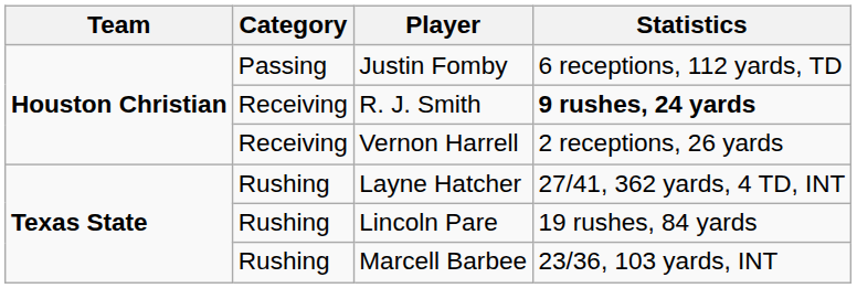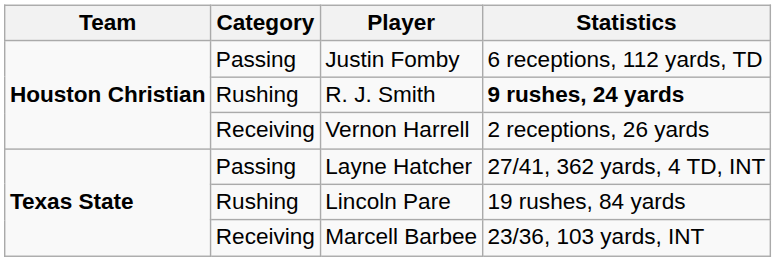 <table class="wikitable" style="float: left;">
 <tr>
 <th>Team</th>
 <th>Category</th>
 <th>Player</th>
 <th>Statistics</th>
 </tr>
 <tr>
 <td rowspan=3><strong>Houston Christian</strong></td>
 <td>Passing</td>
 <td>Justin Fomby</td>
 <td>6 receptions, 112 yards, TD</td>
 </tr>
 <tr>
-<td>Receiving</td>
+<td>Rushing</td>
 <td>R. J. Smith</td>
 <td><strong>9 rushes, 24 yards</strong></td>
 </tr>
 <tr>
 <td>Receiving</td>
 <td>Vernon Harrell</td>
 <td>2 receptions, 26 yards</td>
 </tr>
 <tr>
 <td rowspan=3><strong>Texas State</strong></td>
-<td>Rushing</td>
+<td>Passing</td>
 <td>Layne Hatcher</td>
 <td>27/41, 362 yards, 4 TD, INT</td>
 </tr>
 <tr>
 <td>Rushing</td>
 <td>Lincoln Pare</td>
 <td>19 rushes, 84 yards</td>
 </tr>
 <tr>
-<td>Rushing</td>
+<td>Receiving</td>
 <td>Marcell Barbee</td>
 <td>23/36, 103 yards, INT</td>
 </tr>
 </table>
